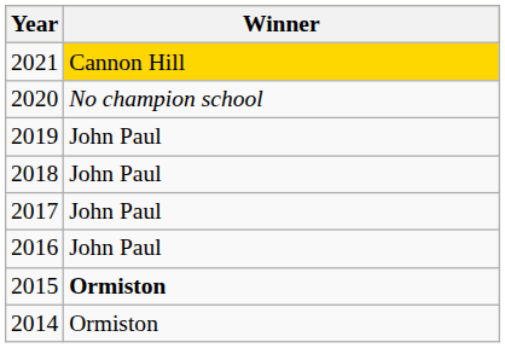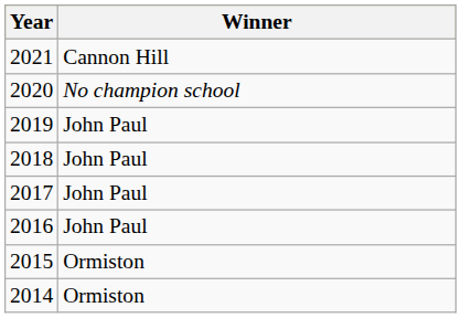 <table class="wikitable">
 <tr bgcolor=#bdb76b>
 <th style="width:2em;">Year</th>
 <th style="width:18em;">Winner</th>
 </tr>
 <tr>
 <td>2021</td>
-<td style="background: gold;">Cannon Hill</td>
+<td>Cannon Hill</td>
 </tr>
 <tr>
 <td>2020</td>
 <td><em>No champion school</em></td>
 </tr>
 <tr>
 <td>2019</td>
 <td>John Paul</td>
 </tr>
 <tr>
 <td>2018</td>
 <td>John Paul</td>
 </tr>
 <tr>
 <td>2017</td>
 <td>John Paul</td>
 </tr>
 <tr>
 <td>2016</td>
 <td>John Paul</td>
 </tr>
 <tr>
 <td>2015</td>
-<td><strong>Ormiston</strong></td>
+<td>Ormiston</td>
 </tr>
 <tr>
 <td>2014</td>
 <td>Ormiston</td>
 </tr>
 </table>
